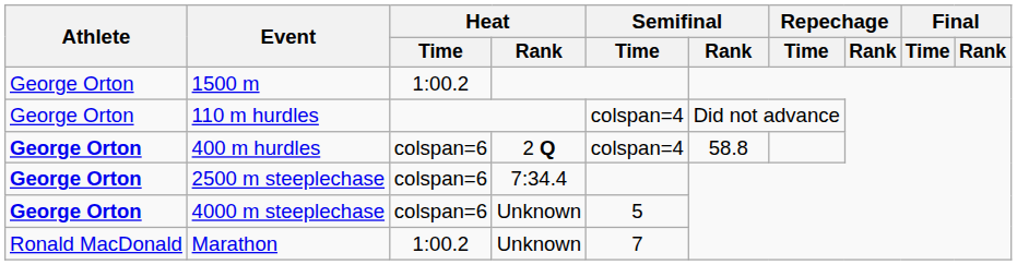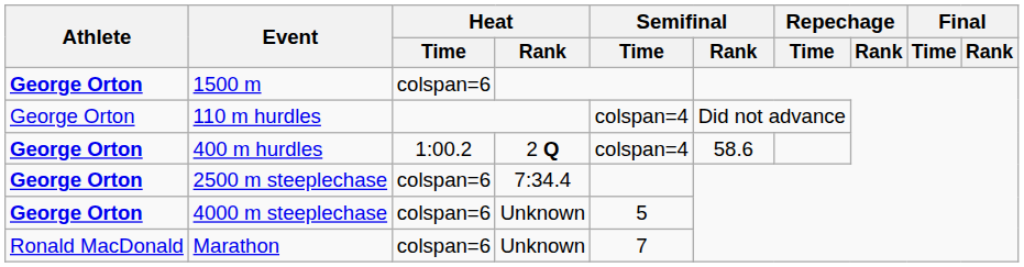 <table class=wikitable style=font-size:90%;text-align:center>
 <tr>
 <th rowspan=2>Athlete</th>
 <th rowspan=2>Event</th>
 <th colspan=2>Heat</th>
 <th colspan=2>Semifinal</th>
 <th colspan=2>Repechage</th>
 <th colspan=2>Final</th>
 </tr>
 <tr style=font-size:95%>
 <th>Time</th>
 <th>Rank</th>
 <th>Time</th>
 <th>Rank</th>
 <th>Time</th>
 <th>Rank</th>
 <th>Time</th>
 <th>Rank</th>
 </tr>
 <tr>
-<td align=left><a href='#'>George Orton</a></td>
+<td align=left><strong><a href='#'>George Orton</a></strong></td>
 <td align=left><a href='#'>1500 m</a></td>
-<td>1:00.2</td>
+<td>colspan=6 </td>
 <td colspan=2></td>
 </tr>
 <tr>
 <td align=left><a href='#'>George Orton</a></td>
 <td align=left><a href='#'>110 m hurdles</a></td>
 <td colspan=2></td>
 <td>colspan=4 </td>
 <td colspan=2>Did not advance</td>
 </tr>
 <tr>
 <td align=left><strong><a href='#'>George Orton</a></strong></td>
 <td align=left><a href='#'>400 m hurdles</a></td>
-<td>colspan=6 </td>
+<td>1:00.2</td>
 <td>2 <strong>Q</strong></td>
 <td>colspan=4 </td>
-<td>58.8</td>
+<td>58.6</td>
 <td></td>
 </tr>
 <tr>
 <td align=left><strong><a href='#'>George Orton</a></strong></td>
 <td align=left><a href='#'>2500 m steeplechase</a></td>
 <td>colspan=6 </td>
 <td>7:34.4</td>
 <td></td>
 </tr>
 <tr>
 <td align=left><strong><a href='#'>George Orton</a></strong></td>
 <td align=left><a href='#'>4000 m steeplechase</a></td>
 <td>colspan=6 </td>
 <td>Unknown</td>
 <td>5</td>
 </tr>
 <tr>
 <td align=left><a href='#'>Ronald MacDonald</a></td>
 <td align=left><a href='#'>Marathon</a></td>
-<td>1:00.2</td>
+<td>colspan=6 </td>
 <td>Unknown</td>
 <td>7</td>
 </tr>
 </table>
